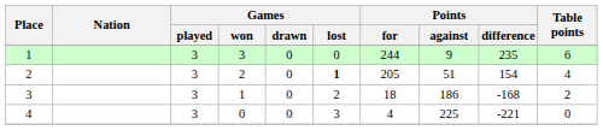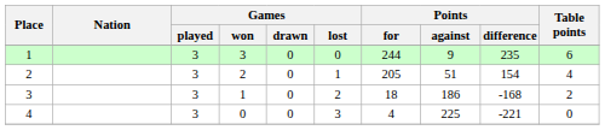 <table class="wikitable">
 <tr>
 <th rowspan=2 width="8%">Place</th>
 <th rowspan=2 width="20%">Nation</th>
 <th colspan=4 width="32%">Games</th>
 <th colspan=3 width="30%">Points</th>
 <th rowspan=2 width="10%">Table<br>points</th>
 </tr>
 <tr>
 <th width="8%">played</th>
 <th width="8%">won</th>
 <th width="8%">drawn</th>
 <th width="8%">lost</th>
 <th width="10%">for</th>
 <th width="10%">against</th>
 <th width="10%">difference</th>
 </tr>
 <tr>
 </tr>
 <tr bgcolor=#ccffcc align=center>
 <td>1</td>
 <td align=left><strong></strong></td>
 <td>3</td>
 <td>3</td>
 <td>0</td>
 <td>0</td>
 <td>244</td>
 <td>9</td>
 <td>235</td>
 <td>6</td>
 </tr>
 <tr bgcolor=#ffffff align=center>
 <td>2</td>
 <td align=left></td>
 <td>3</td>
 <td>2</td>
 <td>0</td>
-<td><strong>1</strong></td>
+<td>1</td>
 <td>205</td>
 <td>51</td>
 <td>154</td>
 <td>4</td>
 </tr>
 <tr bgcolor=#ffffff align=center>
 <td>3</td>
 <td align=left></td>
 <td>3</td>
 <td>1</td>
 <td>0</td>
 <td>2</td>
 <td>18</td>
 <td>186</td>
 <td>-168</td>
 <td>2</td>
 </tr>
 <tr bgcolor=#ffffff align=center>
 <td>4</td>
 <td align=left></td>
 <td>3</td>
 <td>0</td>
 <td>0</td>
 <td>3</td>
 <td>4</td>
 <td>225</td>
 <td>-221</td>
 <td>0</td>
 </tr>
 <tr bgcolor=#ffcccc align=center>
 </tr>
 </table>
